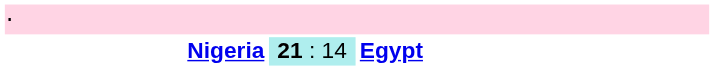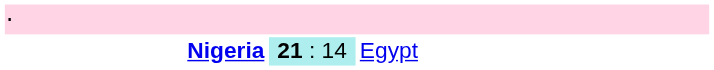 <table style="text-align:center" width=500>
 <tr>
 <th width=30%></th>
 <th width=10%></th>
 <th width=30%></th>
 <th width=10%></th>
 </tr>
 <tr align="left" bgcolor=#ffd4e4>
 <td colspan=4>⋅</td>
 </tr>
 <tr>
 <td align="right"><strong><a href='#'>Nigeria</a></strong> </td>
 <td style="background: paleturquoise;"><strong>21</strong> : 14</td>
-<td align="left"><strong> <a href='#'>Egypt</a></strong></td>
+<td align="left"> <a href='#'>Egypt</a></td>
 </tr>
 </table>
